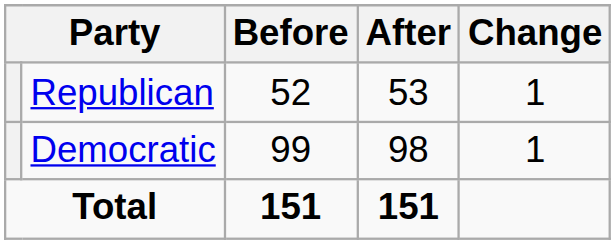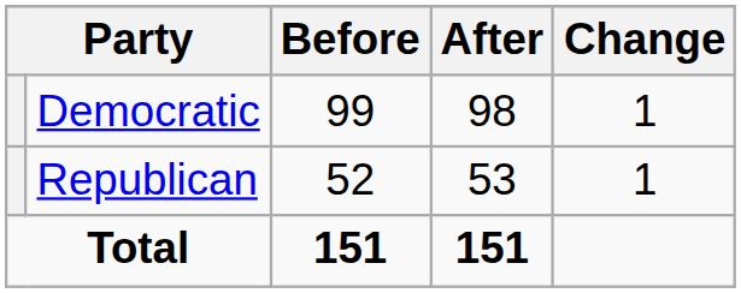 <table class="wikitable" style="text-align:center;">
 <tr>
 </tr>
 <tr>
 <th colspan=2>Party</th>
 <th>Before</th>
 <th>After</th>
 <th>Change</th>
 </tr>
 <tr>
 <th style="background-color:"></th>
-<td style="text-align:left;"><a href='#'>Republican</a></td>
-<td>52</td>
-<td>53</td>
+<td style="text-align:left;"><a href='#'>Democratic</a></td>
+<td>99</td>
+<td>98</td>
 <td> 1</td>
 </tr>
 <tr>
 <th style="background-color:"></th>
-<td style="text-align:left;"><a href='#'>Democratic</a></td>
-<td>99</td>
-<td>98</td>
+<td style="text-align:left;"><a href='#'>Republican</a></td>
+<td>52</td>
+<td>53</td>
 <td> 1</td>
 </tr>
 <tr>
 <td colspan=2><strong>Total</strong></td>
 <td><strong>151</strong></td>
 <td><strong>151</strong></td>
 <td></td>
 </tr>
 </table>
